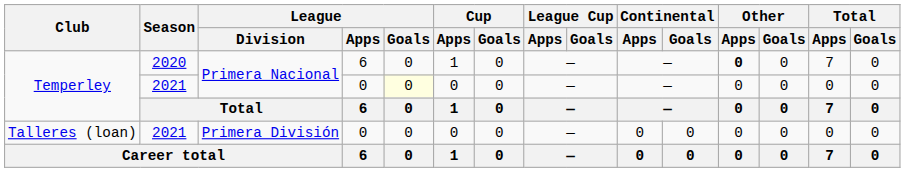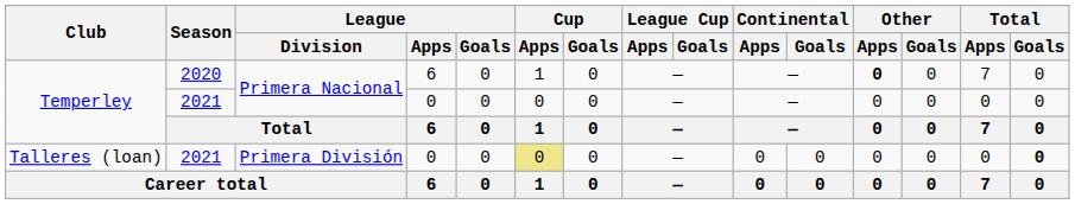 <table class="wikitable" style="text-align:center">
 <tr>
 <th rowspan="2">Club</th>
 <th rowspan="2">Season</th>
 <th colspan="3">League</th>
 <th colspan="2">Cup</th>
 <th colspan="2">League Cup</th>
 <th colspan="2">Continental</th>
 <th colspan="2">Other</th>
 <th colspan="2">Total</th>
 </tr>
 <tr>
 <th>Division</th>
 <th>Apps</th>
 <th>Goals</th>
 <th>Apps</th>
 <th>Goals</th>
 <th>Apps</th>
 <th>Goals</th>
 <th>Apps</th>
 <th>Goals</th>
 <th>Apps</th>
 <th>Goals</th>
 <th>Apps</th>
 <th>Goals</th>
 </tr>
 <tr>
 <td rowspan="3"><a href='#'>Temperley</a></td>
 <td><a href='#'>2020</a></td>
 <td rowspan="2"><a href='#'>Primera Nacional</a></td>
 <td>6</td>
 <td>0</td>
 <td>1</td>
 <td>0</td>
 <td colspan="2">—</td>
 <td colspan="2">—</td>
 <td><strong>0</strong></td>
 <td>0</td>
 <td>7</td>
 <td>0</td>
 </tr>
 <tr>
 <td><a href='#'>2021</a></td>
 <td>0</td>
-<td style="background: lightyellow;">0</td>
+<td>0</td>
 <td>0</td>
 <td>0</td>
 <td colspan="2">—</td>
 <td colspan="2">—</td>
 <td>0</td>
 <td>0</td>
 <td>0</td>
 <td>0</td>
 </tr>
 <tr>
 <th colspan="2">Total</th>
 <th>6</th>
 <th>0</th>
 <th>1</th>
 <th>0</th>
 <th colspan="2">—</th>
 <th colspan="2">—</th>
 <th>0</th>
 <th>0</th>
 <th>7</th>
 <th>0</th>
 </tr>
 <tr>
 <td rowspan="1"><a href='#'>Talleres</a> (loan)</td>
 <td><a href='#'>2021</a></td>
 <td rowspan="1"><a href='#'>Primera División</a></td>
 <td>0</td>
 <td>0</td>
-<td>0</td>
+<td style="background: khaki;">0</td>
 <td>0</td>
 <td colspan="2">—</td>
 <td>0</td>
 <td>0</td>
 <td>0</td>
 <td>0</td>
 <td>0</td>
-<td>0</td>
+<td><strong>0</strong></td>
 </tr>
 <tr>
 <th colspan="3">Career total</th>
 <th>6</th>
 <th>0</th>
 <th>1</th>
 <th>0</th>
 <th colspan="2">—</th>
 <th>0</th>
 <th>0</th>
 <th>0</th>
 <th>0</th>
 <th>7</th>
 <th>0</th>
 </tr>
 </table>
